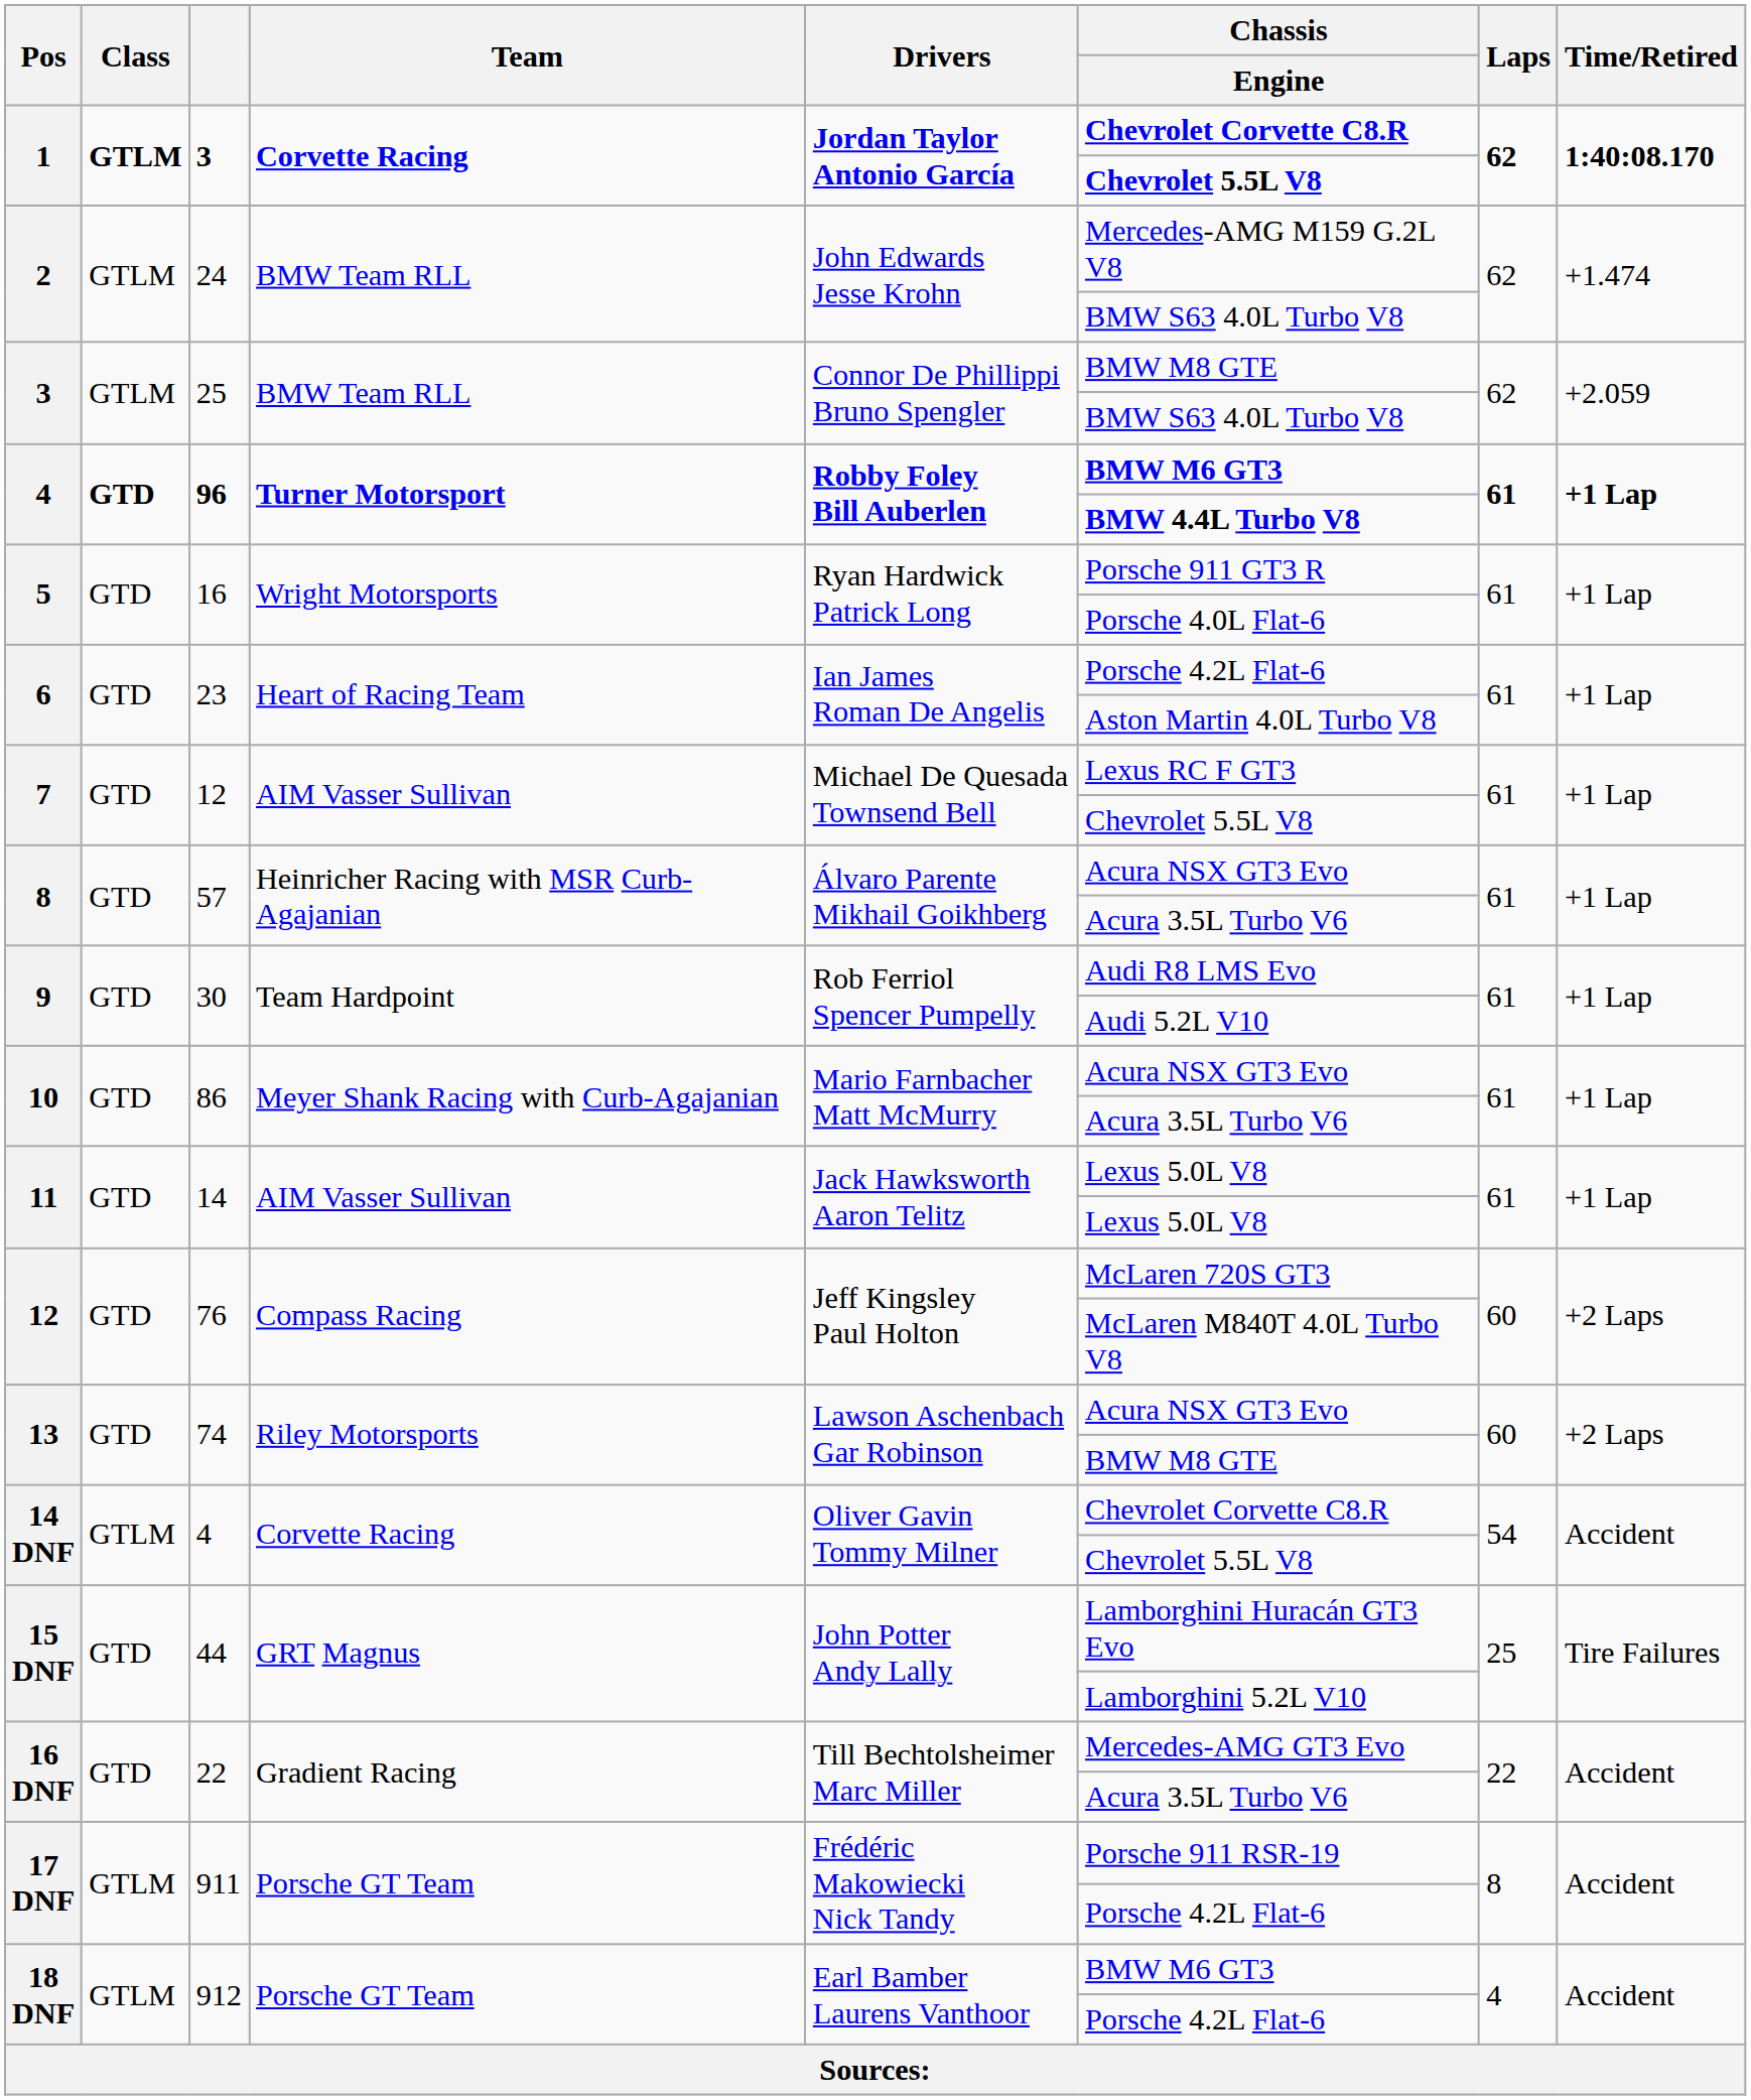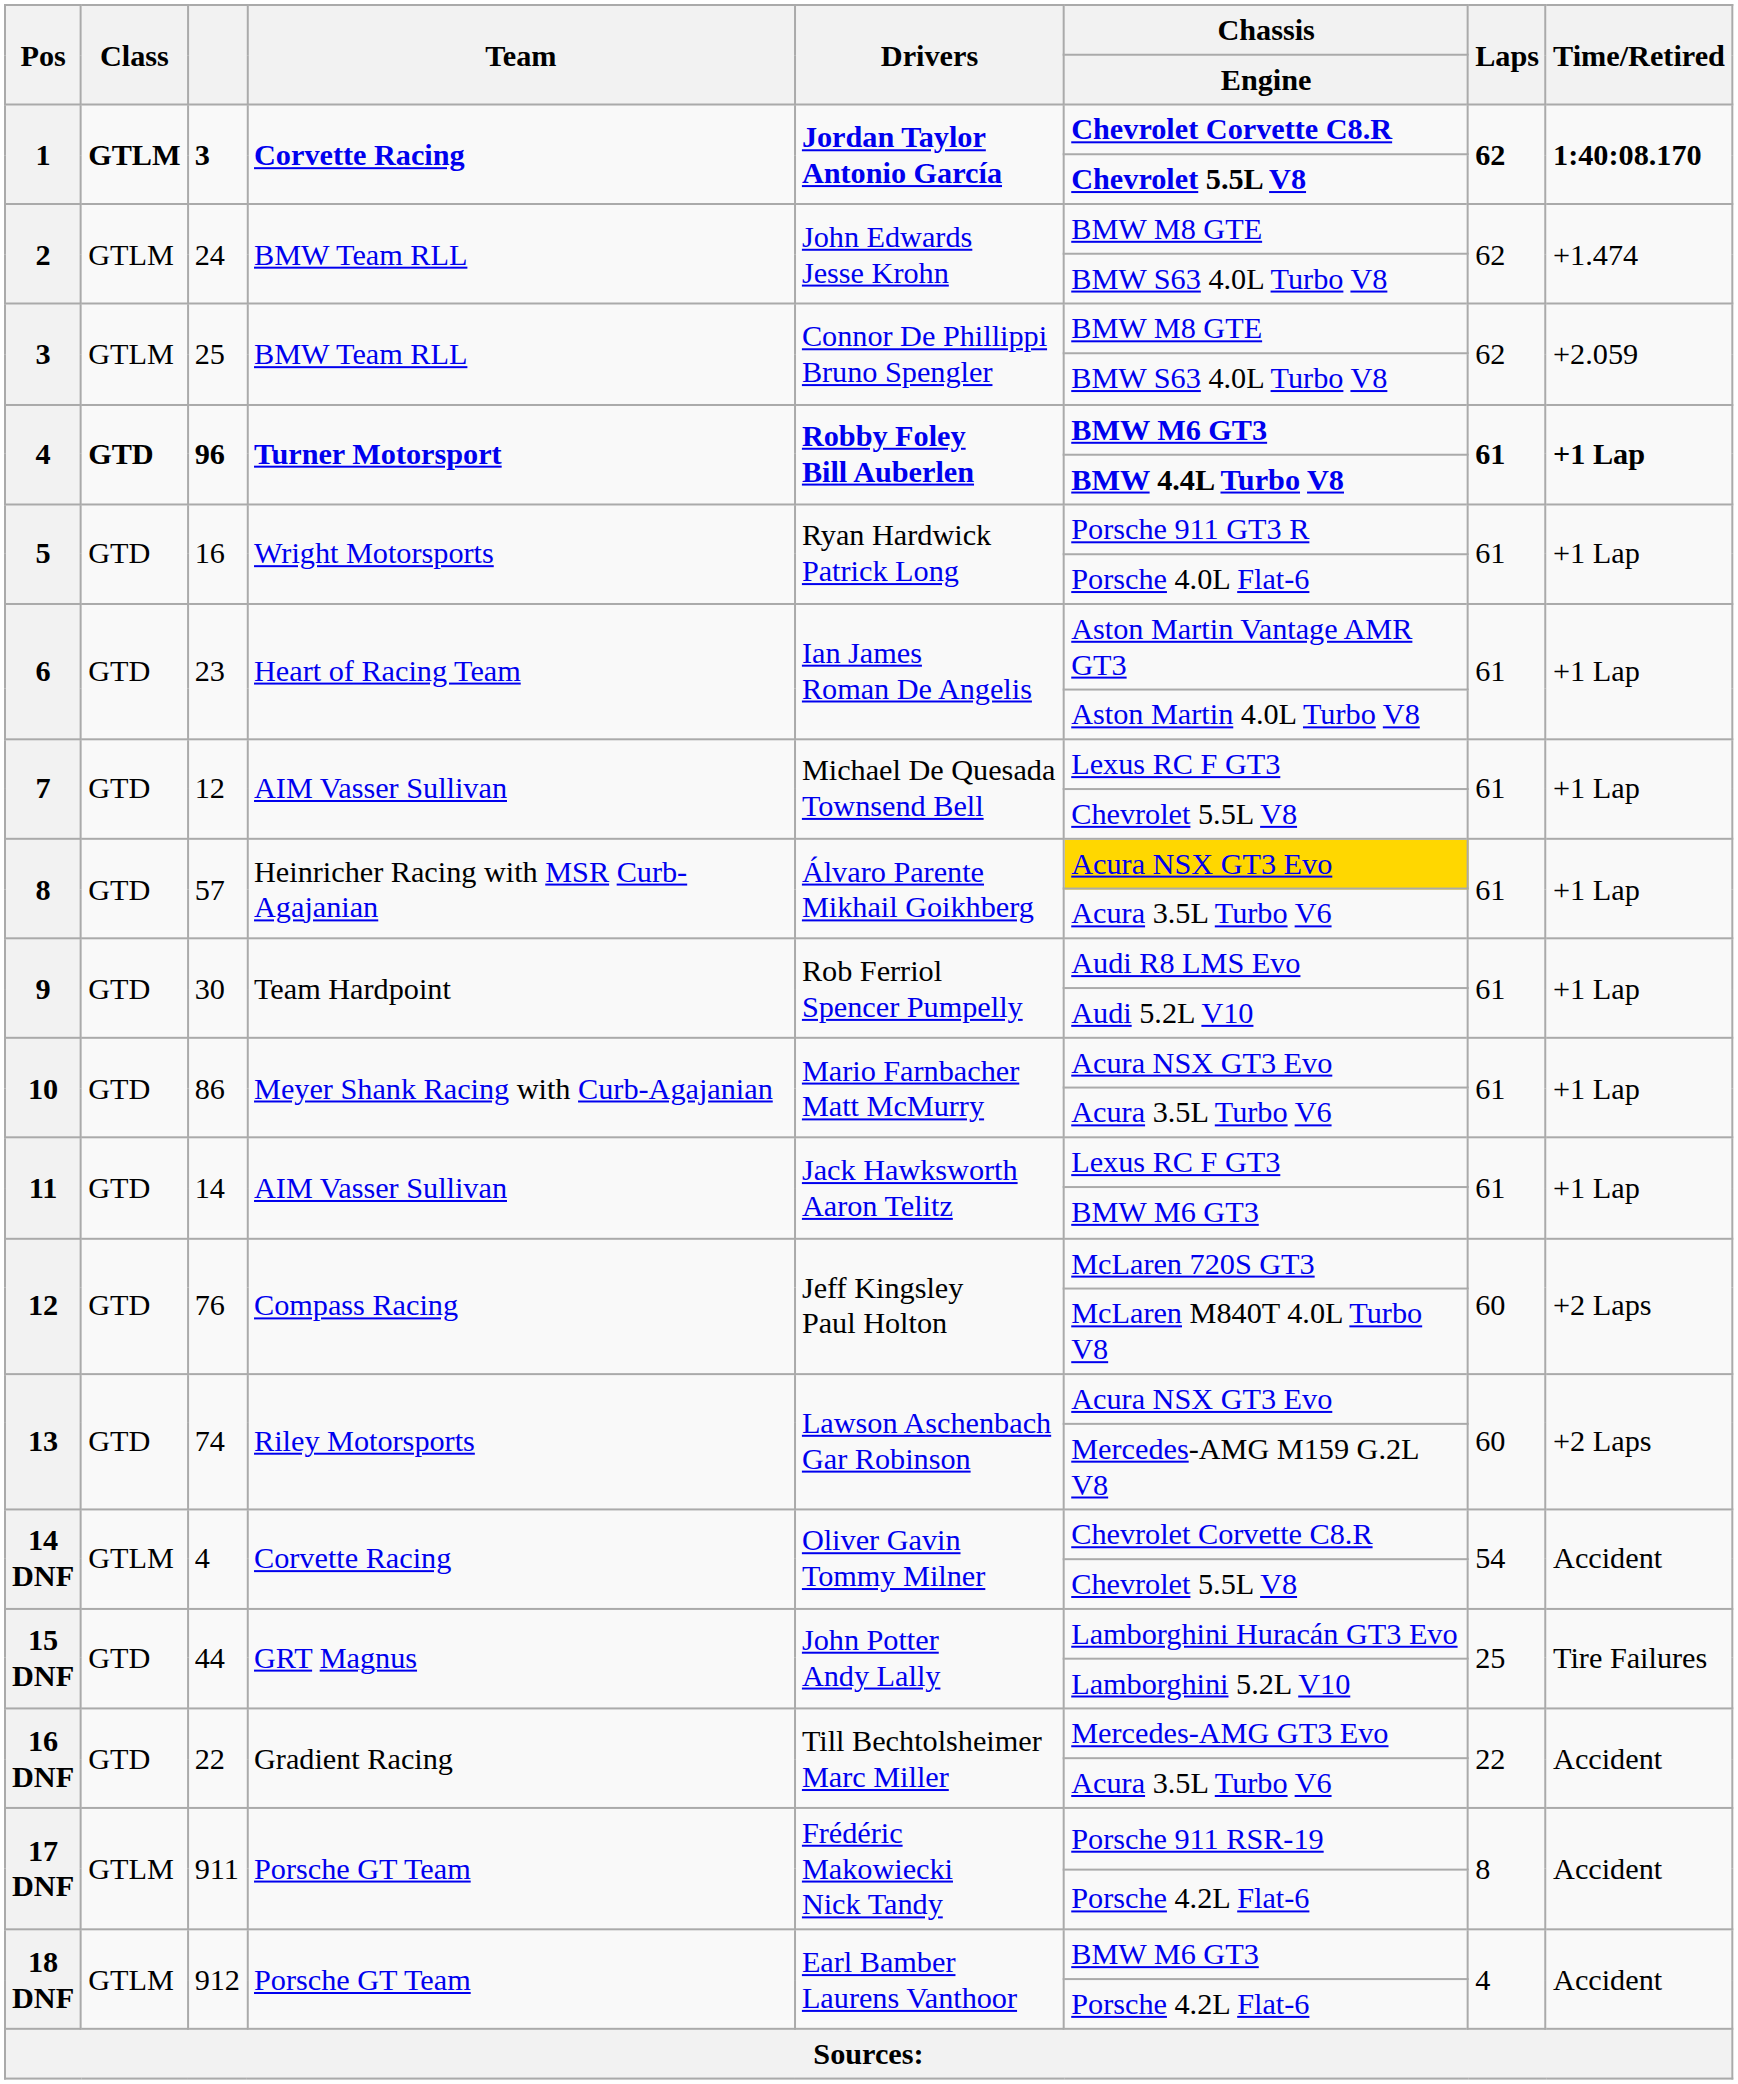 <table class="wikitable" style="font-size: 95%;">
 <tr>
 <th rowspan=2>Pos</th>
 <th rowspan=2>Class</th>
 <th rowspan=2></th>
 <th rowspan=2>Team</th>
 <th rowspan=2>Drivers</th>
 <th>Chassis</th>
 <th rowspan=2>Laps</th>
 <th rowspan=2>Time/Retired</th>
 </tr>
 <tr>
 <th>Engine</th>
 </tr>
 <tr style="font-weight:bold">
 <th rowspan=2>1</th>
 <td rowspan=2>GTLM</td>
 <td rowspan=2>3</td>
 <td rowspan=2> <a href='#'>Corvette Racing</a></td>
 <td rowspan=2> <a href='#'>Jordan Taylor</a><br> <a href='#'>Antonio García</a></td>
 <td><a href='#'>Chevrolet Corvette C8.R</a></td>
 <td rowspan=2>62</td>
 <td rowspan=2>1:40:08.170</td>
 </tr>
 <tr style="font-weight:bold">
 <td><a href='#'>Chevrolet</a> 5.5L <a href='#'>V8</a></td>
 </tr>
 <tr>
 <th rowspan=2>2</th>
 <td rowspan=2>GTLM</td>
 <td rowspan=2>24</td>
 <td rowspan=2> <a href='#'>BMW Team RLL</a></td>
 <td rowspan=2> <a href='#'>John Edwards</a><br> <a href='#'>Jesse Krohn</a></td>
-<td><a href='#'>Mercedes</a>-AMG M159 G.2L <a href='#'>V8</a></td>
+<td><a href='#'>BMW M8 GTE</a></td>
 <td rowspan=2>62</td>
 <td rowspan=2>+1.474</td>
 </tr>
 <tr>
 <td><a href='#'>BMW S63</a> 4.0L <a href='#'>Turbo</a> <a href='#'>V8</a></td>
 </tr>
 <tr>
 <th rowspan=2>3</th>
 <td rowspan=2>GTLM</td>
 <td rowspan=2>25</td>
 <td rowspan=2> <a href='#'>BMW Team RLL</a></td>
 <td rowspan=2> <a href='#'>Connor De Phillippi</a><br> <a href='#'>Bruno Spengler</a></td>
 <td><a href='#'>BMW M8 GTE</a></td>
 <td rowspan=2>62</td>
 <td rowspan=2>+2.059</td>
 </tr>
 <tr>
 <td><a href='#'>BMW S63</a> 4.0L <a href='#'>Turbo</a> <a href='#'>V8</a></td>
 </tr>
 <tr style="font-weight:bold">
 <th rowspan=2>4</th>
 <td rowspan=2>GTD</td>
 <td rowspan=2>96</td>
 <td rowspan=2> <a href='#'>Turner Motorsport</a></td>
 <td rowspan=2> <a href='#'>Robby Foley</a><br> <a href='#'>Bill Auberlen</a></td>
 <td><a href='#'>BMW M6 GT3</a></td>
 <td rowspan=2>61</td>
 <td rowspan=2>+1 Lap</td>
 </tr>
 <tr style="font-weight:bold">
 <td><a href='#'>BMW</a> 4.4L <a href='#'>Turbo</a> <a href='#'>V8</a></td>
 </tr>
 <tr>
 <th rowspan=2>5</th>
 <td rowspan=2>GTD</td>
 <td rowspan=2>16</td>
 <td rowspan=2> <a href='#'>Wright Motorsports</a></td>
 <td rowspan=2> Ryan Hardwick<br> <a href='#'>Patrick Long</a></td>
 <td><a href='#'>Porsche 911 GT3 R</a></td>
 <td rowspan=2>61</td>
 <td rowspan=2>+1 Lap</td>
 </tr>
 <tr>
 <td><a href='#'>Porsche</a> 4.0L <a href='#'>Flat-6</a></td>
 </tr>
 <tr>
 <th rowspan=2>6</th>
 <td rowspan=2>GTD</td>
 <td rowspan=2>23</td>
 <td rowspan=2> <a href='#'>Heart of Racing Team</a></td>
 <td rowspan=2> <a href='#'>Ian James</a><br> <a href='#'>Roman De Angelis</a></td>
-<td><a href='#'>Porsche</a> 4.2L <a href='#'>Flat-6</a></td>
+<td><a href='#'>Aston Martin Vantage AMR GT3</a></td>
 <td rowspan=2>61</td>
 <td rowspan=2>+1 Lap</td>
 </tr>
 <tr>
 <td><a href='#'>Aston Martin</a> 4.0L <a href='#'>Turbo</a> <a href='#'>V8</a></td>
 </tr>
 <tr>
 <th rowspan=2>7</th>
 <td rowspan=2>GTD</td>
 <td rowspan=2>12</td>
 <td rowspan=2> <a href='#'>AIM Vasser Sullivan</a></td>
 <td rowspan=2> Michael De Quesada<br> <a href='#'>Townsend Bell</a></td>
 <td><a href='#'>Lexus RC F GT3</a></td>
 <td rowspan=2>61</td>
 <td rowspan=2>+1 Lap</td>
 </tr>
 <tr>
 <td><a href='#'>Chevrolet</a> 5.5L <a href='#'>V8</a></td>
 </tr>
 <tr>
 <th rowspan=2>8</th>
 <td rowspan=2>GTD</td>
 <td rowspan=2>57</td>
 <td rowspan=2> Heinricher Racing with <a href='#'>MSR</a> <a href='#'>Curb-Agajanian</a></td>
 <td rowspan=2> <a href='#'>Álvaro Parente</a><br> <a href='#'>Mikhail Goikhberg</a></td>
-<td><a href='#'>Acura NSX GT3 Evo</a></td>
+<td style="background: gold;"><a href='#'>Acura NSX GT3 Evo</a></td>
 <td rowspan=2>61</td>
 <td rowspan=2>+1 Lap</td>
 </tr>
 <tr>
 <td><a href='#'>Acura</a> 3.5L <a href='#'>Turbo</a> <a href='#'>V6</a></td>
 </tr>
 <tr>
 <th rowspan=2>9</th>
 <td rowspan=2>GTD</td>
 <td rowspan=2>30</td>
 <td rowspan=2> Team Hardpoint</td>
 <td rowspan=2> Rob Ferriol<br> <a href='#'>Spencer Pumpelly</a></td>
 <td><a href='#'>Audi R8 LMS Evo</a></td>
 <td rowspan=2>61</td>
 <td rowspan=2>+1 Lap</td>
 </tr>
 <tr>
 <td><a href='#'>Audi</a> 5.2L <a href='#'>V10</a></td>
 </tr>
 <tr>
 <th rowspan=2>10</th>
 <td rowspan=2>GTD</td>
 <td rowspan=2>86</td>
 <td rowspan=2> <a href='#'>Meyer Shank Racing</a> with <a href='#'>Curb-Agajanian</a></td>
 <td rowspan=2> <a href='#'>Mario Farnbacher</a><br> <a href='#'>Matt McMurry</a></td>
 <td><a href='#'>Acura NSX GT3 Evo</a></td>
 <td rowspan=2>61</td>
 <td rowspan=2>+1 Lap</td>
 </tr>
 <tr>
 <td><a href='#'>Acura</a> 3.5L <a href='#'>Turbo</a> <a href='#'>V6</a></td>
 </tr>
 <tr>
 <th rowspan=2>11</th>
 <td rowspan=2>GTD</td>
 <td rowspan=2>14</td>
 <td rowspan=2> <a href='#'>AIM Vasser Sullivan</a></td>
 <td rowspan=2> <a href='#'>Jack Hawksworth</a><br> <a href='#'>Aaron Telitz</a></td>
-<td><a href='#'>Lexus</a> 5.0L <a href='#'>V8</a></td>
+<td><a href='#'>Lexus RC F GT3</a></td>
 <td rowspan=2>61</td>
 <td rowspan=2>+1 Lap</td>
 </tr>
 <tr>
-<td><a href='#'>Lexus</a> 5.0L <a href='#'>V8</a></td>
+<td><a href='#'>BMW M6 GT3</a></td>
 </tr>
 <tr>
 <th rowspan=2>12</th>
 <td rowspan=2>GTD</td>
 <td rowspan=2>76</td>
 <td rowspan=2> <a href='#'>Compass Racing</a></td>
 <td rowspan=2> Jeff Kingsley<br> Paul Holton</td>
 <td><a href='#'>McLaren 720S GT3</a></td>
 <td rowspan=2>60</td>
 <td rowspan=2>+2 Laps</td>
 </tr>
 <tr>
 <td><a href='#'>McLaren</a> M840T 4.0L <a href='#'>Turbo</a> <a href='#'>V8</a></td>
 </tr>
 <tr>
 <th rowspan=2>13</th>
 <td rowspan=2>GTD</td>
 <td rowspan=2>74</td>
 <td rowspan=2> <a href='#'>Riley Motorsports</a></td>
 <td rowspan=2> <a href='#'>Lawson Aschenbach</a><br> <a href='#'>Gar Robinson</a></td>
 <td><a href='#'>Acura NSX GT3 Evo</a></td>
 <td rowspan=2>60</td>
 <td rowspan=2>+2 Laps</td>
 </tr>
 <tr>
-<td><a href='#'>BMW M8 GTE</a></td>
+<td><a href='#'>Mercedes</a>-AMG M159 G.2L <a href='#'>V8</a></td>
 </tr>
 <tr>
 <th rowspan=2>14<br>DNF</th>
 <td rowspan=2>GTLM</td>
 <td rowspan=2>4</td>
 <td rowspan=2> <a href='#'>Corvette Racing</a></td>
 <td rowspan=2> <a href='#'>Oliver Gavin</a><br> <a href='#'>Tommy Milner</a></td>
 <td><a href='#'>Chevrolet Corvette C8.R</a></td>
 <td rowspan=2>54</td>
 <td rowspan=2>Accident</td>
 </tr>
 <tr>
 <td><a href='#'>Chevrolet</a> 5.5L <a href='#'>V8</a></td>
 </tr>
 <tr>
 <th rowspan=2>15<br>DNF</th>
 <td rowspan=2>GTD</td>
 <td rowspan=2>44</td>
 <td rowspan=2> <a href='#'>GRT</a> <a href='#'>Magnus</a></td>
 <td rowspan=2> <a href='#'>John Potter</a><br> <a href='#'>Andy Lally</a></td>
 <td><a href='#'>Lamborghini Huracán GT3 Evo</a></td>
 <td rowspan=2>25</td>
 <td rowspan=2>Tire Failures</td>
 </tr>
 <tr>
 <td><a href='#'>Lamborghini</a> 5.2L <a href='#'>V10</a></td>
 </tr>
 <tr>
 <th rowspan=2>16<br>DNF</th>
 <td rowspan=2>GTD</td>
 <td rowspan=2>22</td>
 <td rowspan=2> Gradient Racing</td>
 <td rowspan=2> Till Bechtolsheimer<br> <a href='#'>Marc Miller</a></td>
 <td><a href='#'>Mercedes-AMG GT3 Evo</a></td>
 <td rowspan=2>22</td>
 <td rowspan=2>Accident</td>
 </tr>
 <tr>
 <td><a href='#'>Acura</a> 3.5L <a href='#'>Turbo</a> <a href='#'>V6</a></td>
 </tr>
 <tr>
 <th rowspan=2>17<br>DNF</th>
 <td rowspan=2>GTLM</td>
 <td rowspan=2>911</td>
 <td rowspan=2> <a href='#'>Porsche GT Team</a></td>
 <td rowspan=2> <a href='#'>Frédéric Makowiecki</a><br> <a href='#'>Nick Tandy</a></td>
 <td><a href='#'>Porsche 911 RSR-19</a></td>
 <td rowspan=2>8</td>
 <td rowspan=2>Accident</td>
 </tr>
 <tr>
 <td><a href='#'>Porsche</a> 4.2L <a href='#'>Flat-6</a></td>
 </tr>
 <tr>
 <th rowspan=2>18<br>DNF</th>
 <td rowspan=2>GTLM</td>
 <td rowspan=2>912</td>
 <td rowspan=2> <a href='#'>Porsche GT Team</a></td>
 <td rowspan=2> <a href='#'>Earl Bamber</a><br> <a href='#'>Laurens Vanthoor</a></td>
 <td><a href='#'>BMW M6 GT3</a></td>
 <td rowspan=2>4</td>
 <td rowspan=2>Accident</td>
 </tr>
 <tr>
 <td><a href='#'>Porsche</a> 4.2L <a href='#'>Flat-6</a></td>
 </tr>
 <tr>
 <th colspan=8>Sources:</th>
 </tr>
 </table>
